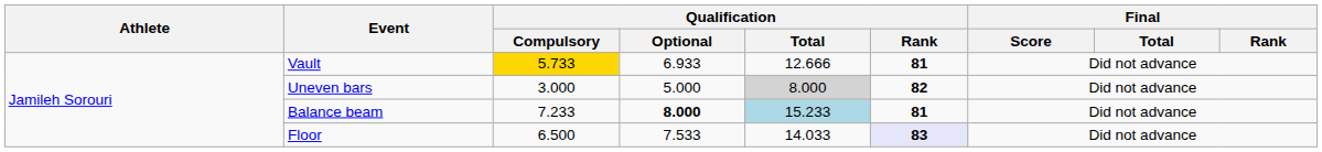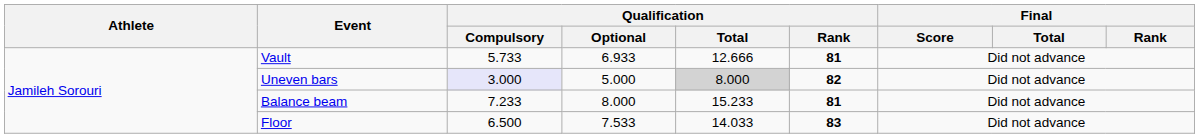 <table class="wikitable" width="80%" style="text-align:center; font-size:90%">
 <tr>
 <th rowspan="2" width="20%">Athlete</th>
 <th rowspan="2" width="15%">Event</th>
 <th colspan="4">Qualification</th>
 <th colspan="3">Final</th>
 </tr>
 <tr>
 <th width="9%">Compulsory</th>
 <th width="9%">Optional</th>
 <th width="9%">Total</th>
 <th width="7%">Rank</th>
 <th width="9%">Score</th>
 <th width="9%">Total</th>
 <th width="7%">Rank</th>
 </tr>
 <tr>
 <td rowspan=4 align="left"><a href='#'>Jamileh Sorouri</a></td>
 <td align="left"><a href='#'>Vault</a></td>
-<td style="background: gold;">5.733</td>
+<td>5.733</td>
 <td>6.933</td>
 <td>12.666</td>
 <td><strong>81</strong></td>
 <td colspan=3 align=center>Did not advance</td>
 </tr>
 <tr>
 <td align="left"><a href='#'>Uneven bars</a></td>
-<td>3.000</td>
+<td style="background: lavender;">3.000</td>
 <td>5.000</td>
 <td style="background: lightgrey;">8.000</td>
 <td><strong>82</strong></td>
 <td colspan=3 align=center>Did not advance</td>
 </tr>
 <tr>
 <td align="left"><a href='#'>Balance beam</a></td>
 <td>7.233</td>
-<td><strong>8.000</strong></td>
-<td style="background: lightblue;">15.233</td>
+<td>8.000</td>
+<td>15.233</td>
 <td><strong>81</strong></td>
 <td colspan=3 align=center>Did not advance</td>
 </tr>
 <tr>
 <td align="left"><a href='#'>Floor</a></td>
 <td>6.500</td>
 <td>7.533</td>
 <td>14.033</td>
-<td style="background: lavender;"><strong>83</strong></td>
+<td><strong>83</strong></td>
 <td colspan=3 align=center>Did not advance</td>
 </tr>
 </table>
